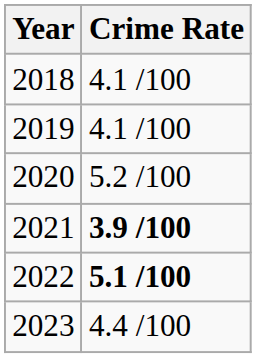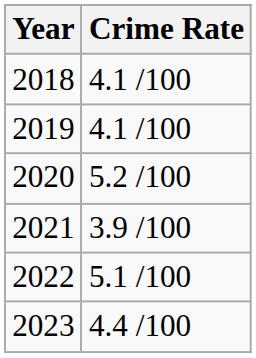 <table class="wikitable">
 <tr>
 <th>Year</th>
 <th>Crime Rate</th>
 </tr>
 <tr>
 <td>2018</td>
 <td>4.1   /100</td>
 </tr>
 <tr>
 <td>2019</td>
 <td>4.1   /100</td>
 </tr>
 <tr>
 <td>2020</td>
 <td>5.2   /100</td>
 </tr>
 <tr>
 <td>2021</td>
-<td><strong>3.9   /100</strong></td>
+<td>3.9   /100</td>
 </tr>
 <tr>
 <td>2022</td>
-<td><strong>5.1   /100</strong></td>
+<td>5.1   /100</td>
 </tr>
 <tr>
 <td>2023</td>
 <td>4.4   /100</td>
 </tr>
 </table>
